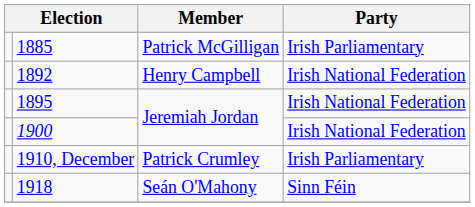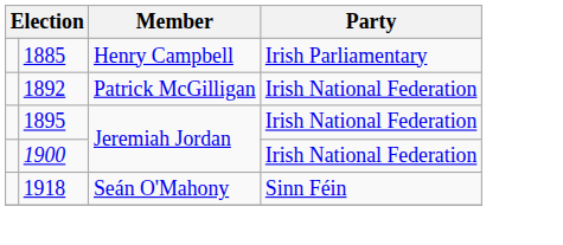 <table class="wikitable">
 <tr>
 <th colspan="2">Election</th>
 <th>Member</th>
 <th>Party</th>
 </tr>
 <tr>
 <td style="color:inherit;background-color: "></td>
 <td><a href='#'>1885</a></td>
-<td><a href='#'>Patrick McGilligan</a></td>
+<td><a href='#'>Henry Campbell</a></td>
 <td><a href='#'>Irish Parliamentary</a></td>
 </tr>
 <tr>
 <td style="color:inherit;background-color: "></td>
 <td><a href='#'>1892</a></td>
-<td><a href='#'>Henry Campbell</a></td>
+<td><a href='#'>Patrick McGilligan</a></td>
 <td><a href='#'>Irish National Federation</a></td>
 </tr>
 <tr>
 <td style="color:inherit;background-color: "></td>
 <td><a href='#'>1895</a></td>
 <td rowspan="2"><a href='#'>Jeremiah Jordan</a></td>
 <td><a href='#'>Irish National Federation</a></td>
 </tr>
 <tr>
 <td style="color:inherit;background-color: "></td>
 <td><em><a href='#'>1900</a></em></td>
 <td><a href='#'>Irish National Federation</a></td>
 </tr>
 <tr>
 <td style="color:inherit;background-color: "></td>
-<td><a href='#'>1910, December</a></td>
-<td><a href='#'>Patrick Crumley</a></td>
-<td><a href='#'>Irish Parliamentary</a></td>
-</tr>
-<tr>
-<td style="color:inherit;background-color: "></td>
 <td><a href='#'>1918</a></td>
 <td><a href='#'>Seán O'Mahony</a></td>
 <td><a href='#'>Sinn Féin</a></td>
 </tr>
 <tr>
 </tr>
 </table>
